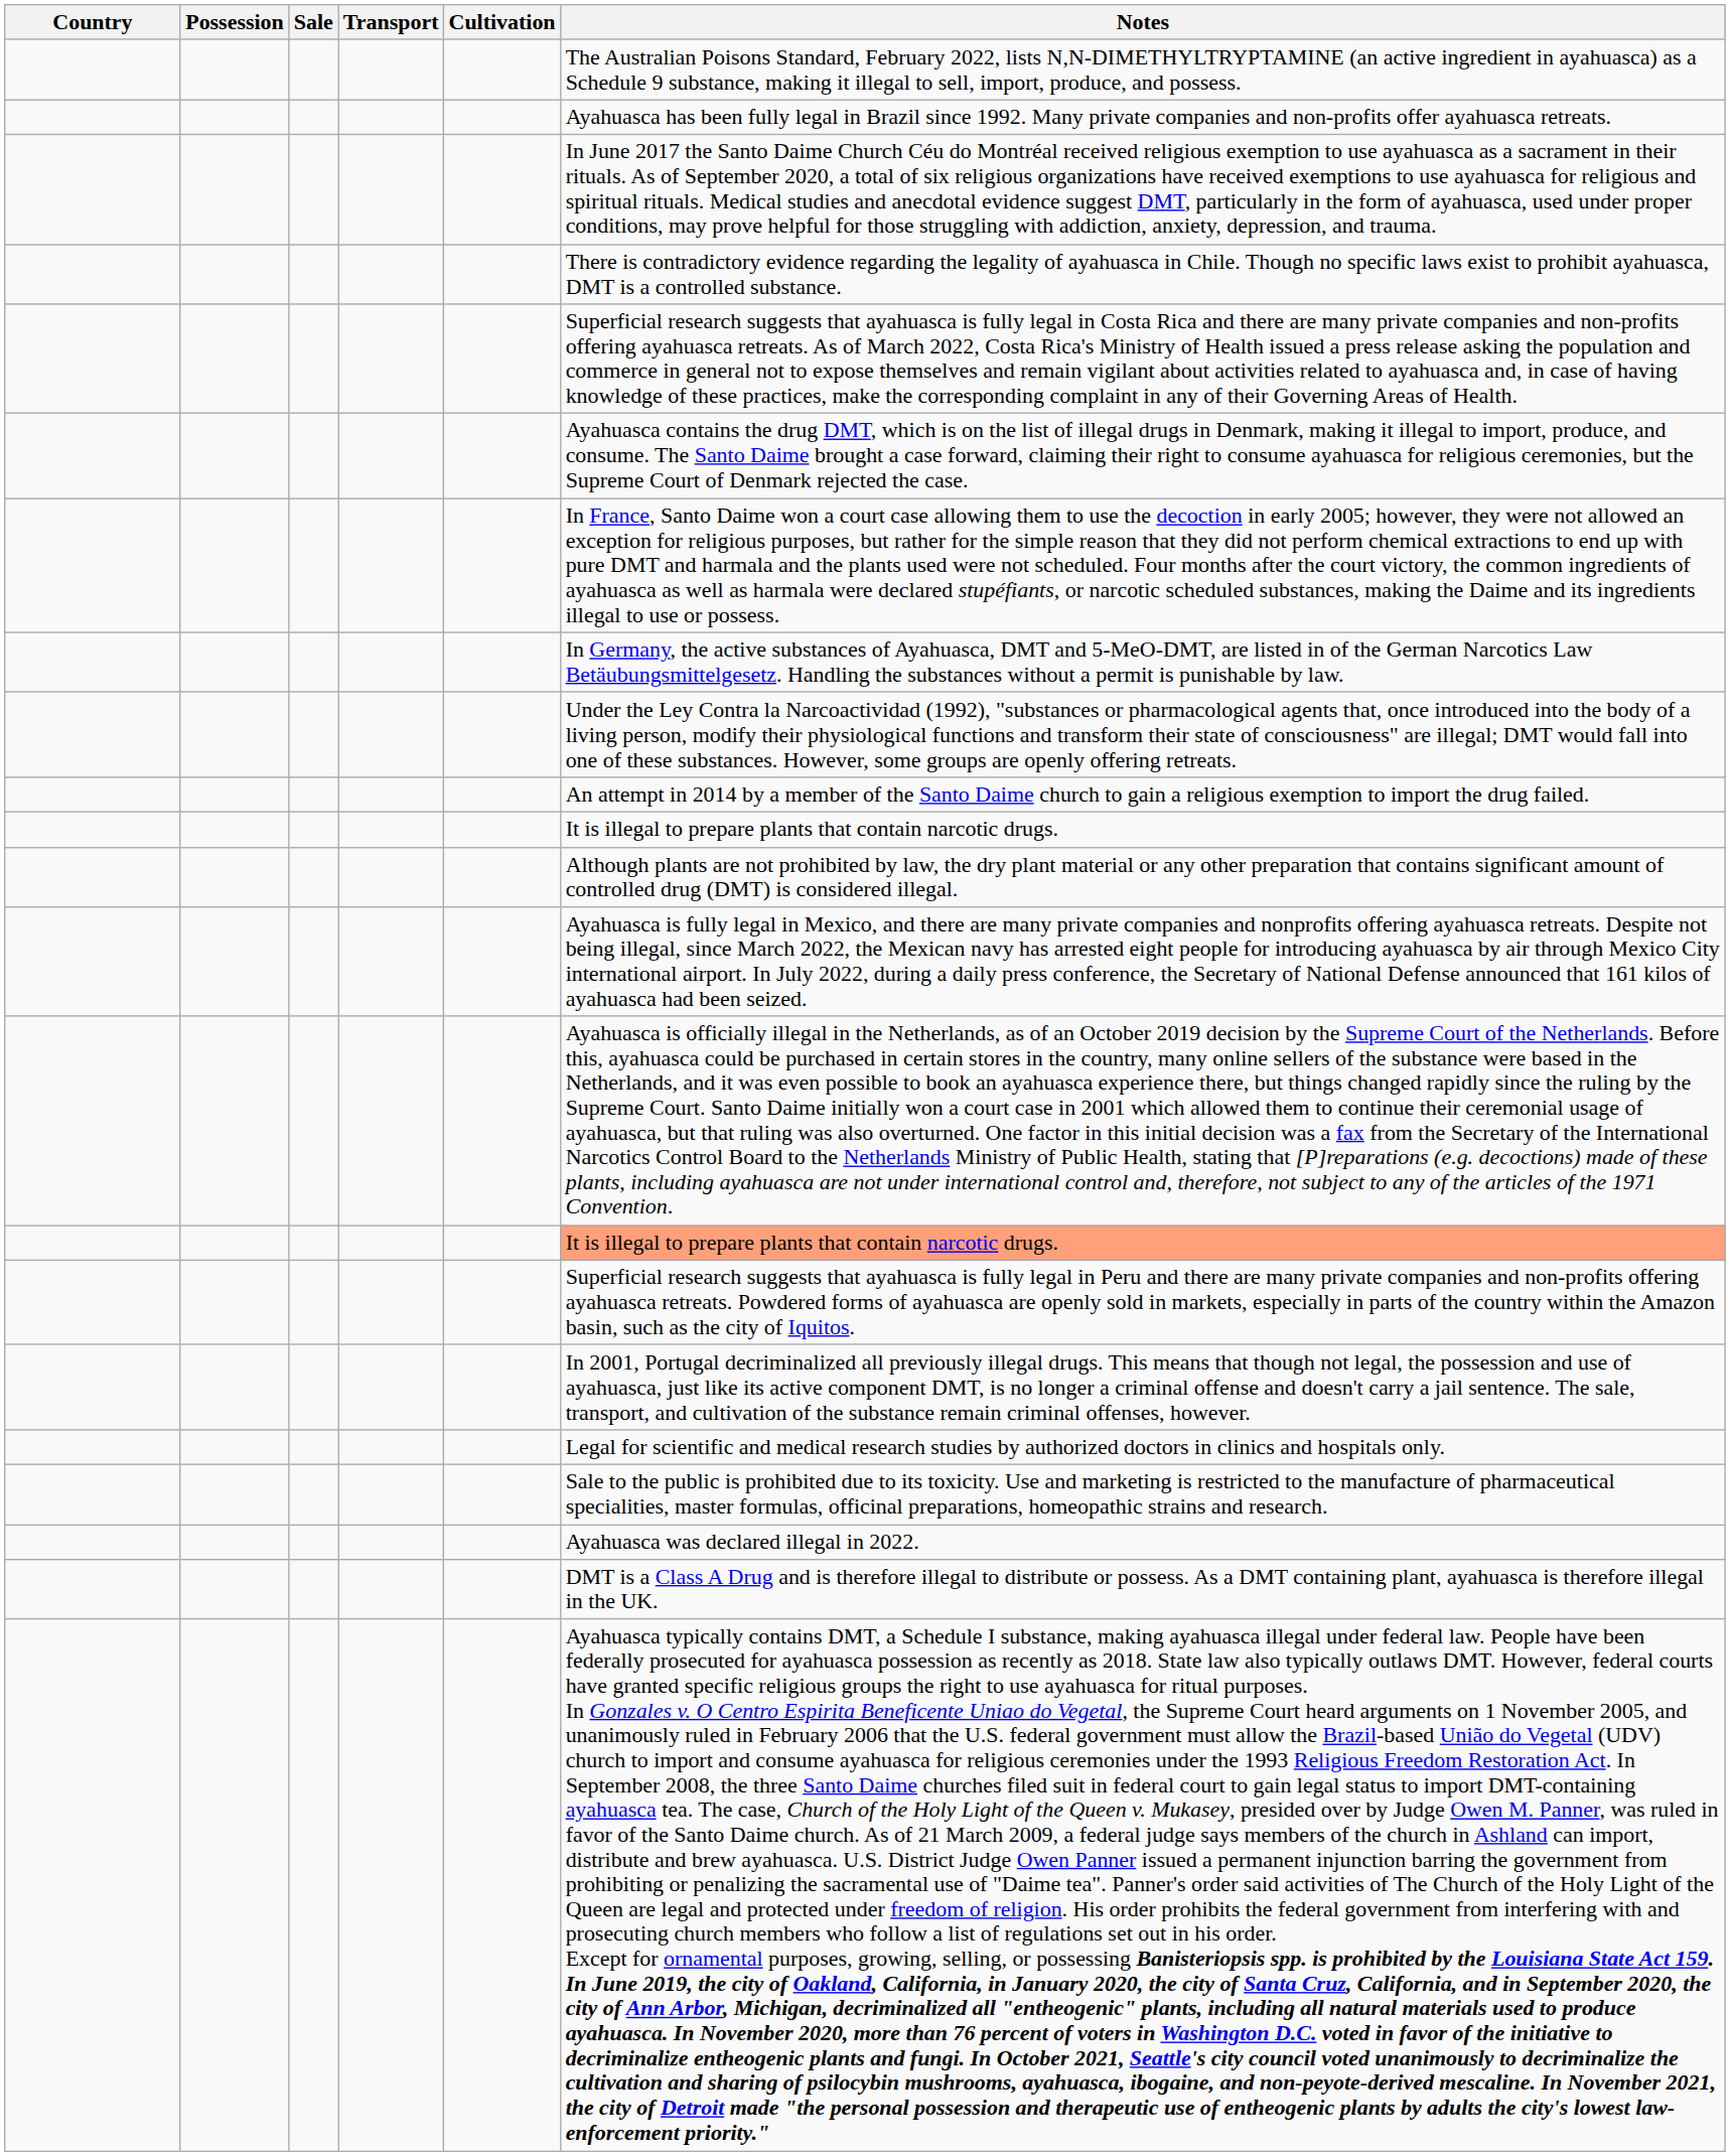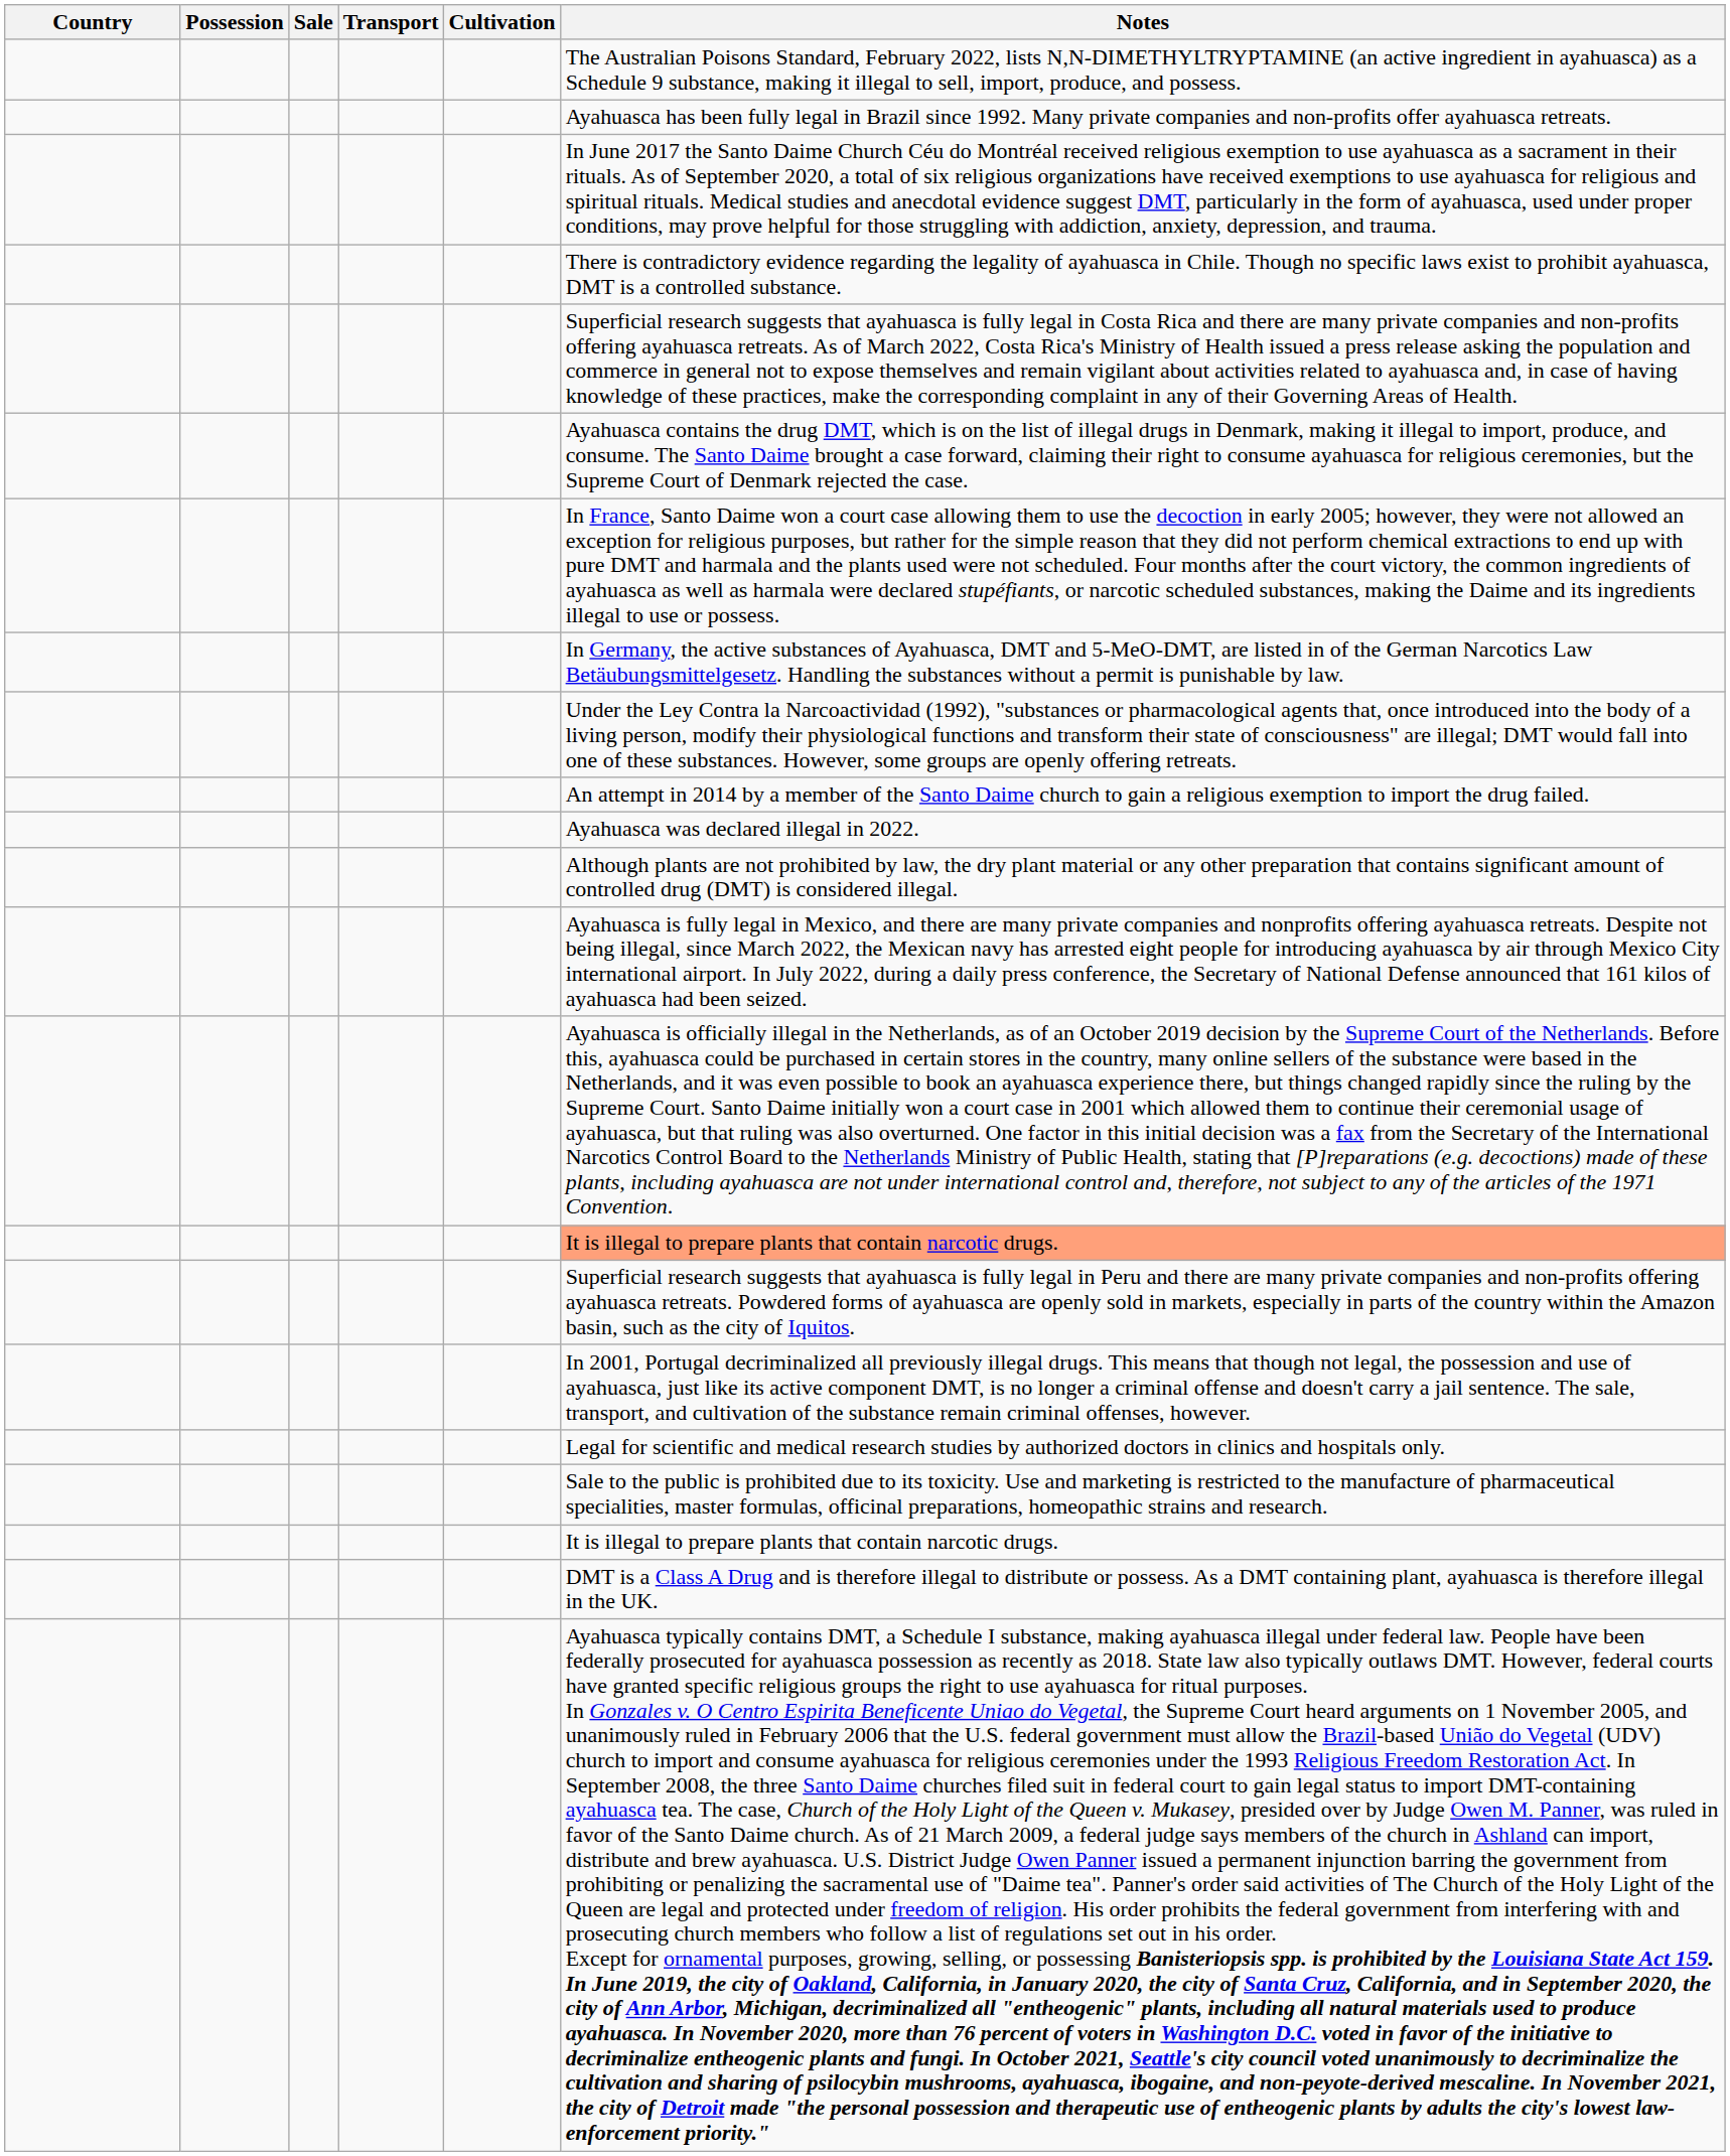 <table class="wikitable sortable" style="text-align:left">
 <tr>
 <th style="width:120px;">Country</th>
 <th>Possession</th>
 <th>Sale</th>
 <th>Transport</th>
 <th>Cultivation</th>
 <th>Notes</th>
 </tr>
 <tr>
 <td><br></td>
 <td></td>
 <td></td>
 <td></td>
 <td></td>
 <td>The Australian Poisons Standard, February 2022, lists N,N-DIMETHYLTRYPTAMINE (an active ingredient in ayahuasca) as a Schedule 9 substance, making it illegal to sell, import, produce, and possess.</td>
 </tr>
 <tr>
 <td><br></td>
 <td></td>
 <td></td>
 <td></td>
 <td></td>
 <td>Ayahuasca has been fully legal in Brazil since 1992. Many private companies and non-profits offer ayahuasca retreats.</td>
 </tr>
 <tr>
 <td><br></td>
 <td></td>
 <td></td>
 <td></td>
 <td></td>
 <td>In June 2017 the Santo Daime Church Céu do Montréal received religious exemption to use ayahuasca as a sacrament in their rituals. As of September 2020, a total of six religious organizations have received exemptions to use ayahuasca for religious and spiritual rituals. Medical studies and anecdotal evidence suggest <a href='#'>DMT</a>, particularly in the form of ayahuasca, used under proper conditions, may prove helpful for those struggling with addiction, anxiety, depression, and trauma.</td>
 </tr>
 <tr>
 <td><br></td>
 <td></td>
 <td></td>
 <td></td>
 <td></td>
 <td>There is contradictory evidence regarding the legality of ayahuasca in Chile. Though no specific laws exist to prohibit ayahuasca, DMT is a controlled substance.</td>
 </tr>
 <tr>
 <td><br></td>
 <td></td>
 <td></td>
 <td></td>
 <td></td>
 <td>Superficial research suggests that ayahuasca is fully legal in Costa Rica and there are many private companies and non-profits offering ayahuasca retreats. As of March 2022, Costa Rica's Ministry of Health issued a press release asking the population and commerce in general not to expose themselves and remain vigilant about activities related to ayahuasca and, in case of having knowledge of these practices, make the corresponding complaint in any of their Governing Areas of Health.</td>
 </tr>
 <tr>
 <td><br></td>
 <td></td>
 <td></td>
 <td></td>
 <td></td>
 <td>Ayahuasca contains the drug <a href='#'>DMT</a>, which is on the list of illegal drugs in Denmark, making it illegal to import, produce, and consume. The <a href='#'>Santo Daime</a> brought a case forward, claiming their right to consume ayahuasca for religious ceremonies, but the Supreme Court of Denmark rejected the case.</td>
 </tr>
 <tr>
 <td><br></td>
 <td></td>
 <td></td>
 <td></td>
 <td></td>
 <td>In <a href='#'>France</a>, Santo Daime won a court case allowing them to use the <a href='#'>decoction</a> in early 2005; however, they were not allowed an exception for religious purposes, but rather for the simple reason that they did not perform chemical extractions to end up with pure DMT and harmala and the plants used were not scheduled. Four months after the court victory, the common ingredients of ayahuasca as well as harmala were declared <em>stupéfiants</em>, or narcotic scheduled substances, making the Daime and its ingredients illegal to use or possess.</td>
 </tr>
 <tr>
 <td><br></td>
 <td></td>
 <td></td>
 <td></td>
 <td></td>
 <td>In <a href='#'>Germany</a>, the active substances of Ayahuasca, DMT and 5-MeO-DMT, are listed in  of the German Narcotics Law <a href='#'>Betäubungsmittelgesetz</a>. Handling the substances without a permit is punishable by law.</td>
 </tr>
 <tr>
 <td><br></td>
 <td></td>
 <td></td>
 <td></td>
 <td></td>
 <td>Under the Ley Contra la Narcoactividad (1992), "substances or pharmacological agents that, once introduced into the body of a living person, modify their physiological functions and transform their state of consciousness" are illegal; DMT would fall into one of these substances. However, some groups are openly offering retreats.</td>
 </tr>
 <tr>
 <td><br></td>
 <td></td>
 <td></td>
 <td></td>
 <td></td>
 <td>An attempt in 2014 by a member of the <a href='#'>Santo Daime</a> church to gain a religious exemption to import the drug failed.</td>
 </tr>
 <tr>
 <td><br></td>
 <td></td>
 <td></td>
 <td></td>
 <td></td>
-<td>It is illegal to prepare plants that contain narcotic drugs.</td>
+<td>Ayahuasca was declared illegal in 2022.</td>
 </tr>
 <tr>
 <td><br></td>
 <td></td>
 <td></td>
 <td></td>
 <td></td>
 <td>Although plants are not prohibited by law, the dry plant material or any other preparation that contains significant amount of controlled drug (DMT) is considered illegal.</td>
 </tr>
 <tr>
 <td><br></td>
 <td></td>
 <td></td>
 <td></td>
 <td></td>
 <td>Ayahuasca is fully legal in Mexico, and there are many private companies and nonprofits offering ayahuasca retreats. Despite not being illegal, since March 2022, the Mexican navy has arrested eight people for introducing ayahuasca by air through Mexico City international airport. In July 2022, during a daily press conference, the Secretary of National Defense announced that 161 kilos of ayahuasca had been seized.</td>
 </tr>
 <tr>
 <td><br></td>
 <td></td>
 <td></td>
 <td></td>
 <td></td>
 <td>Ayahuasca is officially illegal in the Netherlands, as of an October 2019 decision by the <a href='#'>Supreme Court of the Netherlands</a>. Before this, ayahuasca could be purchased in certain stores in the country, many online sellers of the substance were based in the Netherlands, and it was even possible to book an ayahuasca experience there, but things changed rapidly since the ruling by the Supreme Court. Santo Daime initially won a court case in 2001 which allowed them to continue their ceremonial usage of ayahuasca, but that ruling was also overturned. One factor in this initial decision was a <a href='#'>fax</a> from the Secretary of the International Narcotics Control Board to the <a href='#'>Netherlands</a> Ministry of Public Health, stating that <em>[P]reparations (e.g. decoctions) made of these plants, including ayahuasca are not under international control and, therefore, not subject to any of the articles of the 1971 Convention</em>.</td>
 </tr>
 <tr>
 <td><br></td>
 <td></td>
 <td></td>
 <td></td>
 <td></td>
 <td style="background: lightsalmon;">It is illegal to prepare plants that contain <a href='#'>narcotic</a> drugs.</td>
 </tr>
 <tr>
 <td><br></td>
 <td></td>
 <td></td>
 <td></td>
 <td></td>
 <td>Superficial research suggests that ayahuasca is fully legal in Peru and there are many private companies and non-profits offering ayahuasca retreats. Powdered forms of ayahuasca are openly sold in markets, especially in parts of the country within the Amazon basin, such as the city of <a href='#'>Iquitos</a>.</td>
 </tr>
 <tr>
 <td><br></td>
 <td></td>
 <td></td>
 <td></td>
 <td></td>
 <td>In 2001, Portugal decriminalized all previously illegal drugs. This means that though not legal, the possession and use of ayahuasca, just like its active component DMT, is no longer a criminal offense and doesn't carry a jail sentence. The sale, transport, and cultivation of the substance remain criminal offenses, however.</td>
 </tr>
 <tr>
 <td><br></td>
 <td></td>
 <td></td>
 <td></td>
 <td></td>
 <td>Legal for scientific and medical research studies by authorized doctors in clinics and hospitals only.</td>
 </tr>
 <tr>
 <td><br></td>
 <td></td>
 <td></td>
 <td></td>
 <td></td>
 <td>Sale to the public is prohibited due to its toxicity. Use and marketing is restricted to the manufacture of pharmaceutical specialities, master formulas, officinal preparations, homeopathic strains and research.</td>
 </tr>
 <tr>
 <td><br></td>
 <td></td>
 <td></td>
 <td></td>
 <td></td>
-<td>Ayahuasca was declared illegal in 2022.</td>
+<td>It is illegal to prepare plants that contain narcotic drugs.</td>
 </tr>
 <tr>
 <td><br></td>
 <td></td>
 <td></td>
 <td></td>
 <td></td>
 <td>DMT is a <a href='#'>Class A Drug</a> and is therefore illegal to distribute or possess. As a DMT containing plant, ayahuasca is therefore illegal in the UK.</td>
 </tr>
 <tr>
 <td><br></td>
 <td></td>
 <td></td>
 <td></td>
 <td></td>
 <td>Ayahuasca typically contains DMT, a Schedule I substance, making ayahuasca illegal under federal law. People have been federally prosecuted for ayahuasca possession as recently as 2018. State law also typically outlaws DMT.  However, federal courts have granted specific religious groups the right to use ayahuasca for ritual purposes.<br>In <em><a href='#'>Gonzales v. O Centro Espirita Beneficente Uniao do Vegetal</a></em>, the Supreme Court heard arguments on 1 November 2005, and unanimously ruled in February 2006 that the U.S. federal government must allow the <a href='#'>Brazil</a>-based <a href='#'>União do Vegetal</a> (UDV) church to import and consume ayahuasca for religious ceremonies under the 1993 <a href='#'>Religious Freedom Restoration Act</a>. In September 2008, the three <a href='#'>Santo Daime</a> churches filed suit in federal court to gain legal status to import DMT-containing <a href='#'>ayahuasca</a> tea. The case, <em>Church of the Holy Light of the Queen v. Mukasey</em>, presided over by Judge <a href='#'>Owen M. Panner</a>, was ruled in favor of the Santo Daime church. As of 21 March 2009, a federal judge says members of the church in <a href='#'>Ashland</a> can import, distribute and brew ayahuasca. U.S. District Judge <a href='#'>Owen Panner</a> issued a permanent injunction barring the government from prohibiting or penalizing the sacramental use of "Daime tea". Panner's order said activities of The Church of the Holy Light of the Queen are legal and protected under <a href='#'>freedom of religion</a>. His order prohibits the federal government from interfering with and prosecuting church members who follow a list of regulations set out in his order.<br>Except for <a href='#'>ornamental</a> purposes, growing, selling, or possessing <strong><em>Banisteriopsis<em> spp.<strong> is prohibited by the <a href='#'>Louisiana State Act 159</a>.<br>In June 2019, the city of <a href='#'>Oakland</a>, California, in January 2020, the city of <a href='#'>Santa Cruz</a>, California, and in September 2020, the city of <a href='#'>Ann Arbor</a>, Michigan, decriminalized all "entheogenic" plants, including all natural materials used to produce ayahuasca. In November 2020, more than 76 percent of voters in <a href='#'>Washington D.C.</a> voted in favor of the initiative to decriminalize entheogenic plants and fungi. In October 2021, <a href='#'>Seattle</a>'s city council voted unanimously to decriminalize the cultivation and sharing of psilocybin mushrooms, ayahuasca, ibogaine, and non-peyote-derived mescaline. In November 2021, the city of <a href='#'>Detroit</a> made "the personal possession and therapeutic use of entheogenic plants by adults the city's lowest law-enforcement priority."</td>
 </tr>
 </table>
